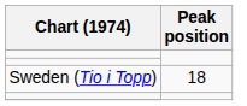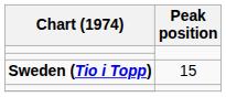 <table class="wikitable sortable plainrowheaders">
 <tr>
 <th scope="col">Chart (1974)</th>
 <th scope="col">Peak<br> position</th>
 </tr>
 <tr>
 <td></td>
 </tr>
 <tr>
 <td></td>
 </tr>
 <tr>
-<td>Sweden (<em><a href='#'>Tio i Topp</a></em>)</td>
-<td style="text-align:center;">18</td>
+<td><strong>Sweden (<em><a href='#'>Tio i Topp</a></em>)</strong></td>
+<td style="text-align:center;">15</td>
 </tr>
 <tr>
 <td></td>
 </tr>
 <tr>
 </tr>
 </table>
